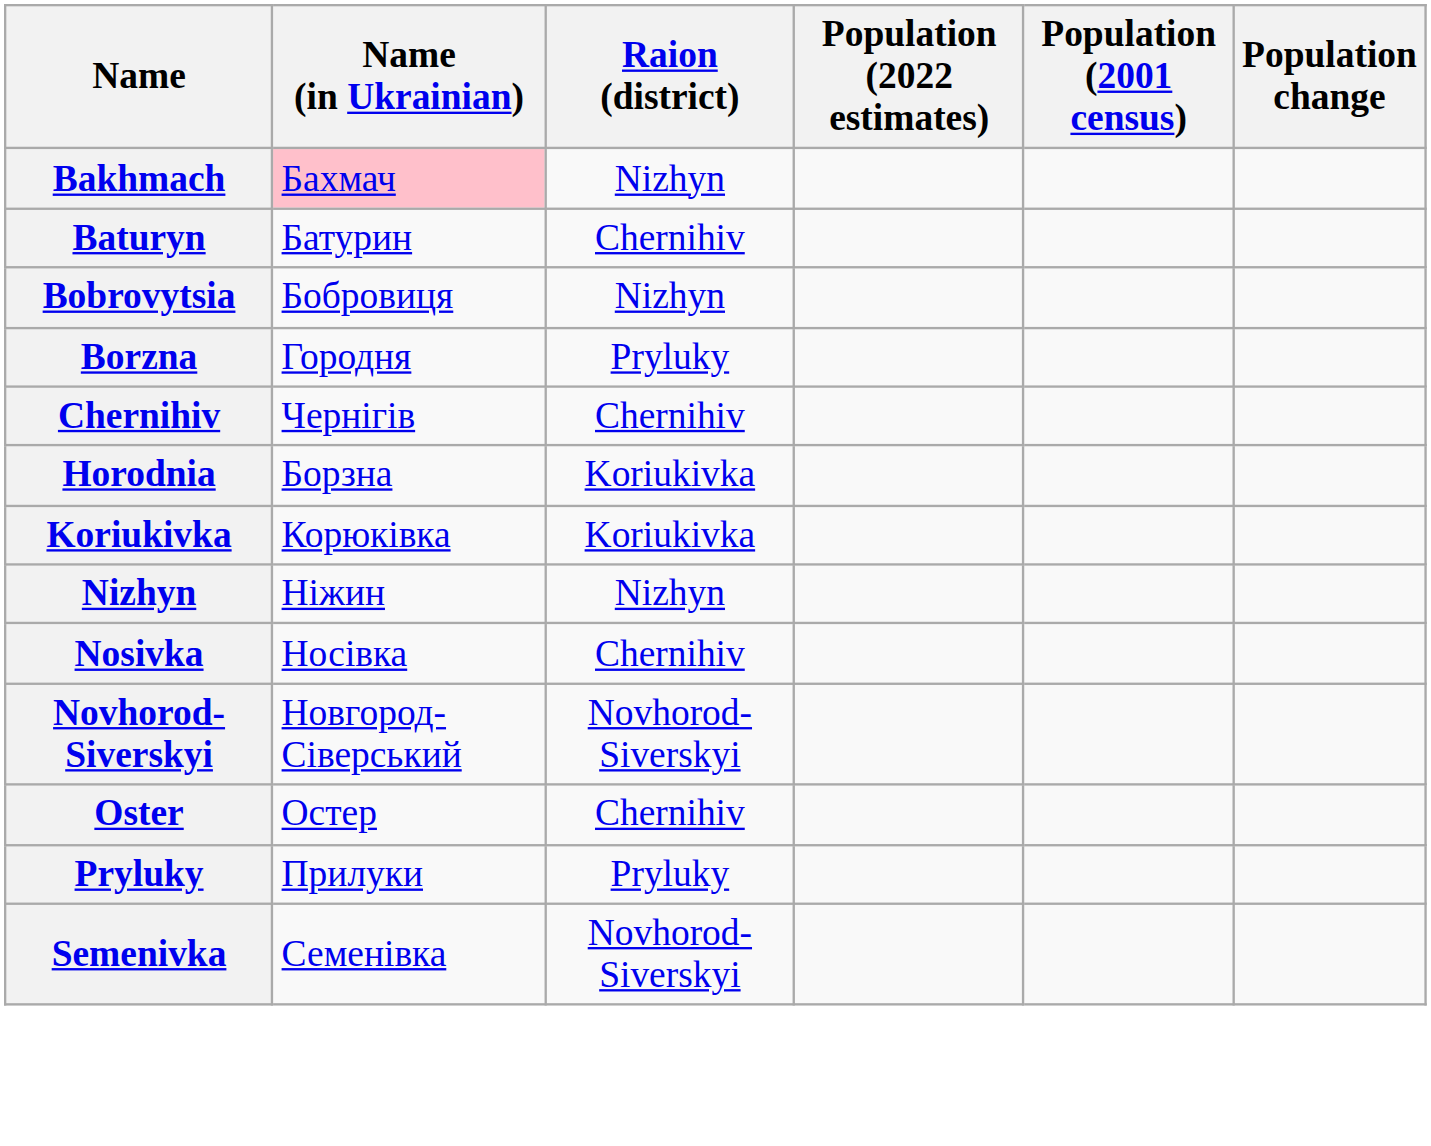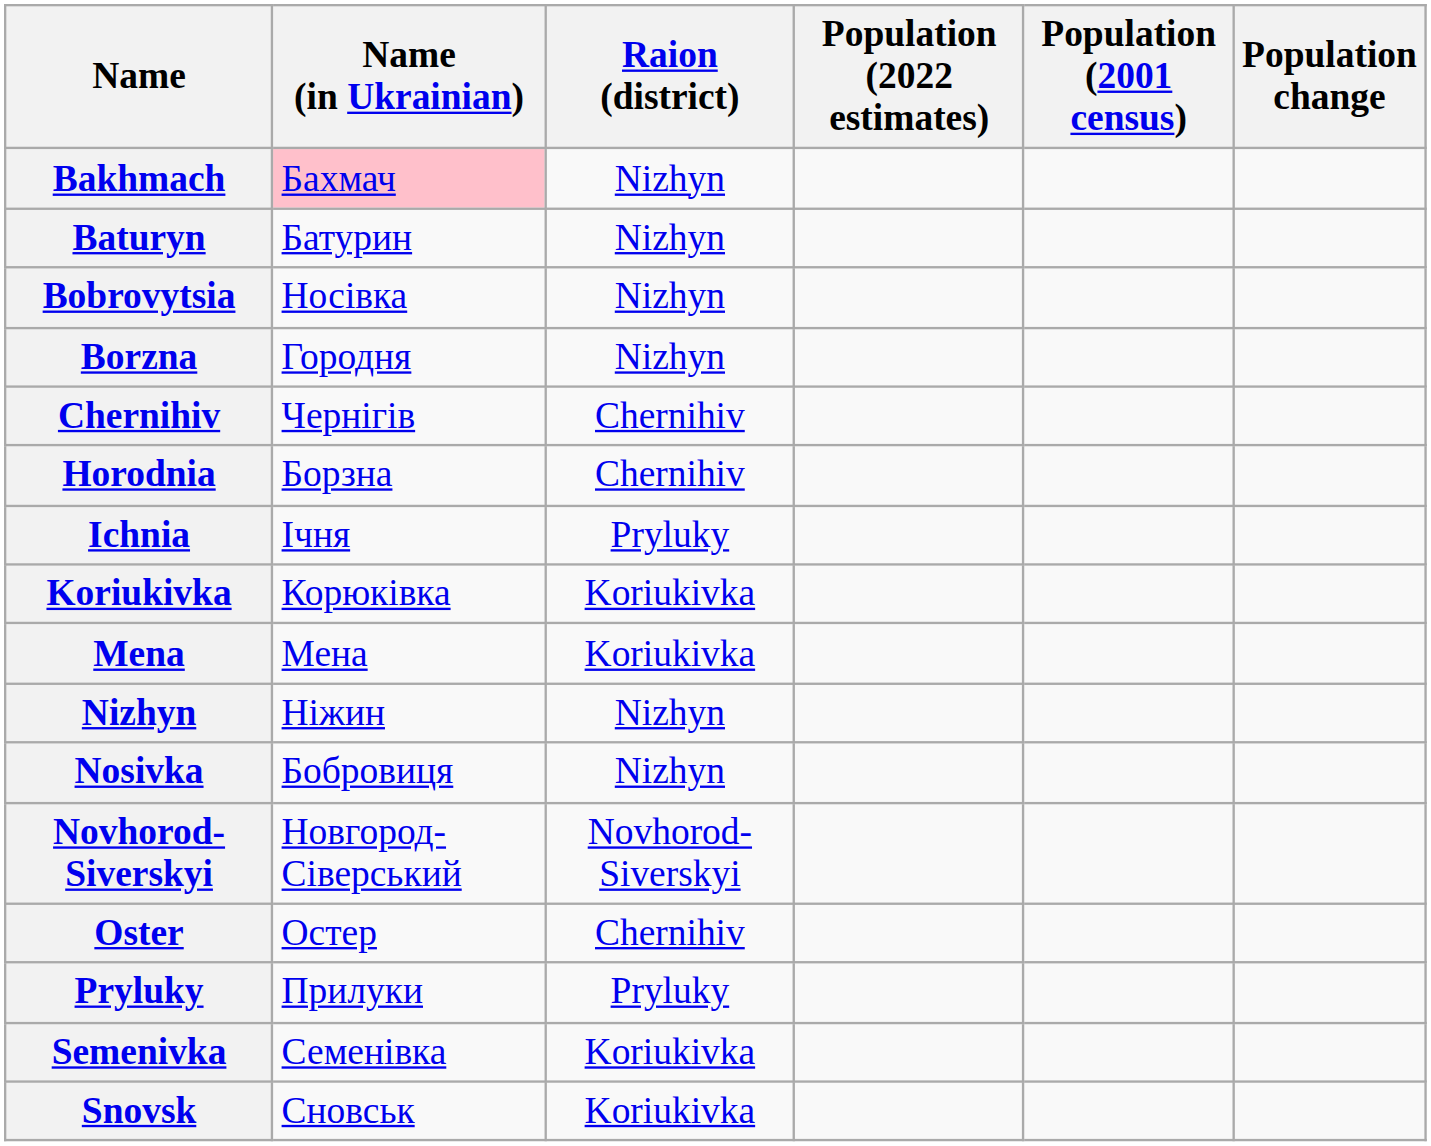 <table class="wikitable sortable" id="Table of cities" caption="Tabulated list of cities in ">
 <tr>
 <th scope="col">Name</th>
 <th scope="col">Name<br>(in <a href='#'>Ukrainian</a>)</th>
 <th scope="col"><a href='#'>Raion</a> (district)</th>
 <th scope="col">Population<br>(2022 estimates)</th>
 <th scope="col">Population<br>(<a href='#'>2001 census</a>)</th>
 <th scope="col">Population<br>change</th>
 </tr>
 <tr>
 <th scope="row" align="left"><a href='#'>Bakhmach</a></th>
 <td style="background: pink;"><a href='#'>Бахмач</a></td>
 <td align=center><a href='#'>Nizhyn</a></td>
 <td align=right></td>
 <td align=right></td>
 <td align=right></td>
 </tr>
 <tr>
 <th scope="row" align="left"><a href='#'>Baturyn</a></th>
 <td><a href='#'>Батурин</a></td>
-<td align=center><a href='#'>Chernihiv</a></td>
+<td align=center><a href='#'>Nizhyn</a></td>
 <td align=right></td>
 <td align=right></td>
 <td align=right></td>
 </tr>
 <tr>
 <th scope="row" align="left"><a href='#'>Bobrovytsia</a></th>
-<td><a href='#'>Бобровиця</a></td>
+<td><a href='#'>Носівка</a></td>
 <td align=center><a href='#'>Nizhyn</a></td>
 <td align=right></td>
 <td align=right></td>
 <td align=right></td>
 </tr>
 <tr>
 <th scope="row" align="left"><a href='#'>Borzna</a></th>
 <td><a href='#'>Городня</a></td>
-<td align=center><a href='#'>Pryluky</a></td>
+<td align=center><a href='#'>Nizhyn</a></td>
 <td align=right></td>
 <td align=right></td>
 <td align=right></td>
 </tr>
 <tr>
 <th scope="row" align="left"><a href='#'>Chernihiv</a></th>
 <td><a href='#'>Чернігів</a></td>
 <td align=center><a href='#'>Chernihiv</a></td>
 <td align=right></td>
 <td align=right></td>
 <td align=right></td>
 </tr>
 <tr>
 <th scope="row" align="left"><a href='#'>Horodnia</a></th>
 <td><a href='#'>Борзна</a></td>
-<td align=center><a href='#'>Koriukivka</a></td>
+<td align=center><a href='#'>Chernihiv</a></td>
+<td align=right></td>
+<td align=right></td>
+<td align=right></td>
+</tr>
+<tr>
+<th scope="row" align="left"><a href='#'>Ichnia</a></th>
+<td><a href='#'>Ічня</a></td>
+<td align=center><a href='#'>Pryluky</a></td>
 <td align=right></td>
 <td align=right></td>
 <td align=right></td>
 </tr>
 <tr>
 <th scope="row" align="left"><a href='#'>Koriukivka</a></th>
 <td><a href='#'>Корюківка</a></td>
+<td align=center><a href='#'>Koriukivka</a></td>
+<td align=right></td>
+<td align=right></td>
+<td align=right></td>
+</tr>
+<tr>
+<th scope="row" align="left"><a href='#'>Mena</a></th>
+<td><a href='#'>Мена</a></td>
 <td align=center><a href='#'>Koriukivka</a></td>
 <td align=right></td>
 <td align=right></td>
 <td align=right></td>
 </tr>
 <tr>
 <th scope="row" align="left"><a href='#'>Nizhyn</a></th>
 <td><a href='#'>Ніжин</a></td>
 <td align=center><a href='#'>Nizhyn</a></td>
 <td align=right></td>
 <td align=right></td>
 <td align=right></td>
 </tr>
 <tr>
 <th scope="row" align="left"><a href='#'>Nosivka</a></th>
-<td><a href='#'>Носівка</a></td>
-<td align=center><a href='#'>Chernihiv</a></td>
+<td><a href='#'>Бобровиця</a></td>
+<td align=center><a href='#'>Nizhyn</a></td>
 <td align=right></td>
 <td align=right></td>
 <td align=right></td>
 </tr>
 <tr>
 <th scope="row" align="left"><a href='#'>Novhorod-Siverskyi</a></th>
 <td><a href='#'>Новгород-Сіверський</a></td>
 <td align=center><a href='#'>Novhorod-Siverskyi</a></td>
 <td align=right></td>
 <td align=right></td>
 <td align=right></td>
 </tr>
 <tr>
 <th scope="row" align="left"><a href='#'>Oster</a></th>
 <td><a href='#'>Остер</a></td>
 <td align=center><a href='#'>Chernihiv</a></td>
 <td align=right></td>
 <td align=right></td>
 <td align=right></td>
 </tr>
 <tr>
 <th scope="row" align="left"><a href='#'>Pryluky</a></th>
 <td><a href='#'>Прилуки</a></td>
 <td align=center><a href='#'>Pryluky</a></td>
 <td align=right></td>
 <td align=right></td>
 <td align=right></td>
 </tr>
 <tr>
 <th scope="row" align="left"><a href='#'>Semenivka</a></th>
 <td><a href='#'>Семенівка</a></td>
-<td align=center><a href='#'>Novhorod-Siverskyi</a></td>
+<td align=center><a href='#'>Koriukivka</a></td>
+<td align=right></td>
+<td align=right></td>
+<td align=right></td>
+</tr>
+<tr>
+<th scope="row" align="left"><a href='#'>Snovsk</a></th>
+<td><a href='#'>Сновськ</a></td>
+<td align=center><a href='#'>Koriukivka</a></td>
 <td align=right></td>
 <td align=right></td>
 <td align=right></td>
 </tr>
 </table>
